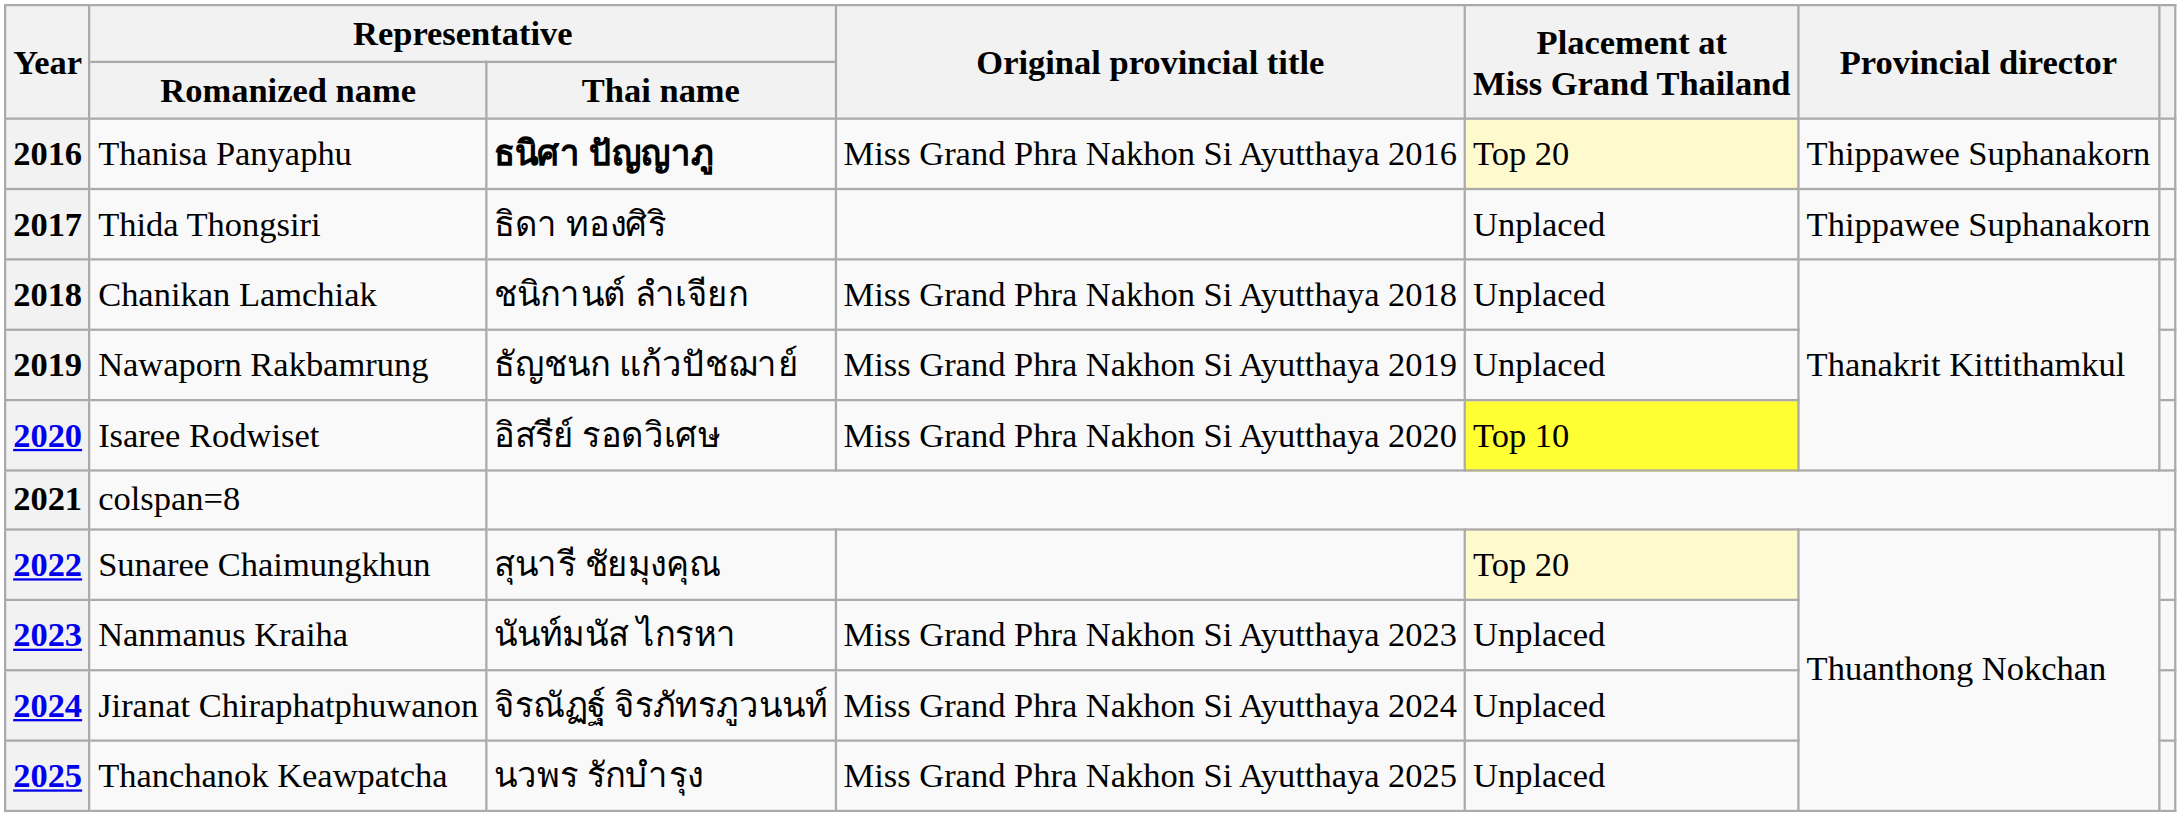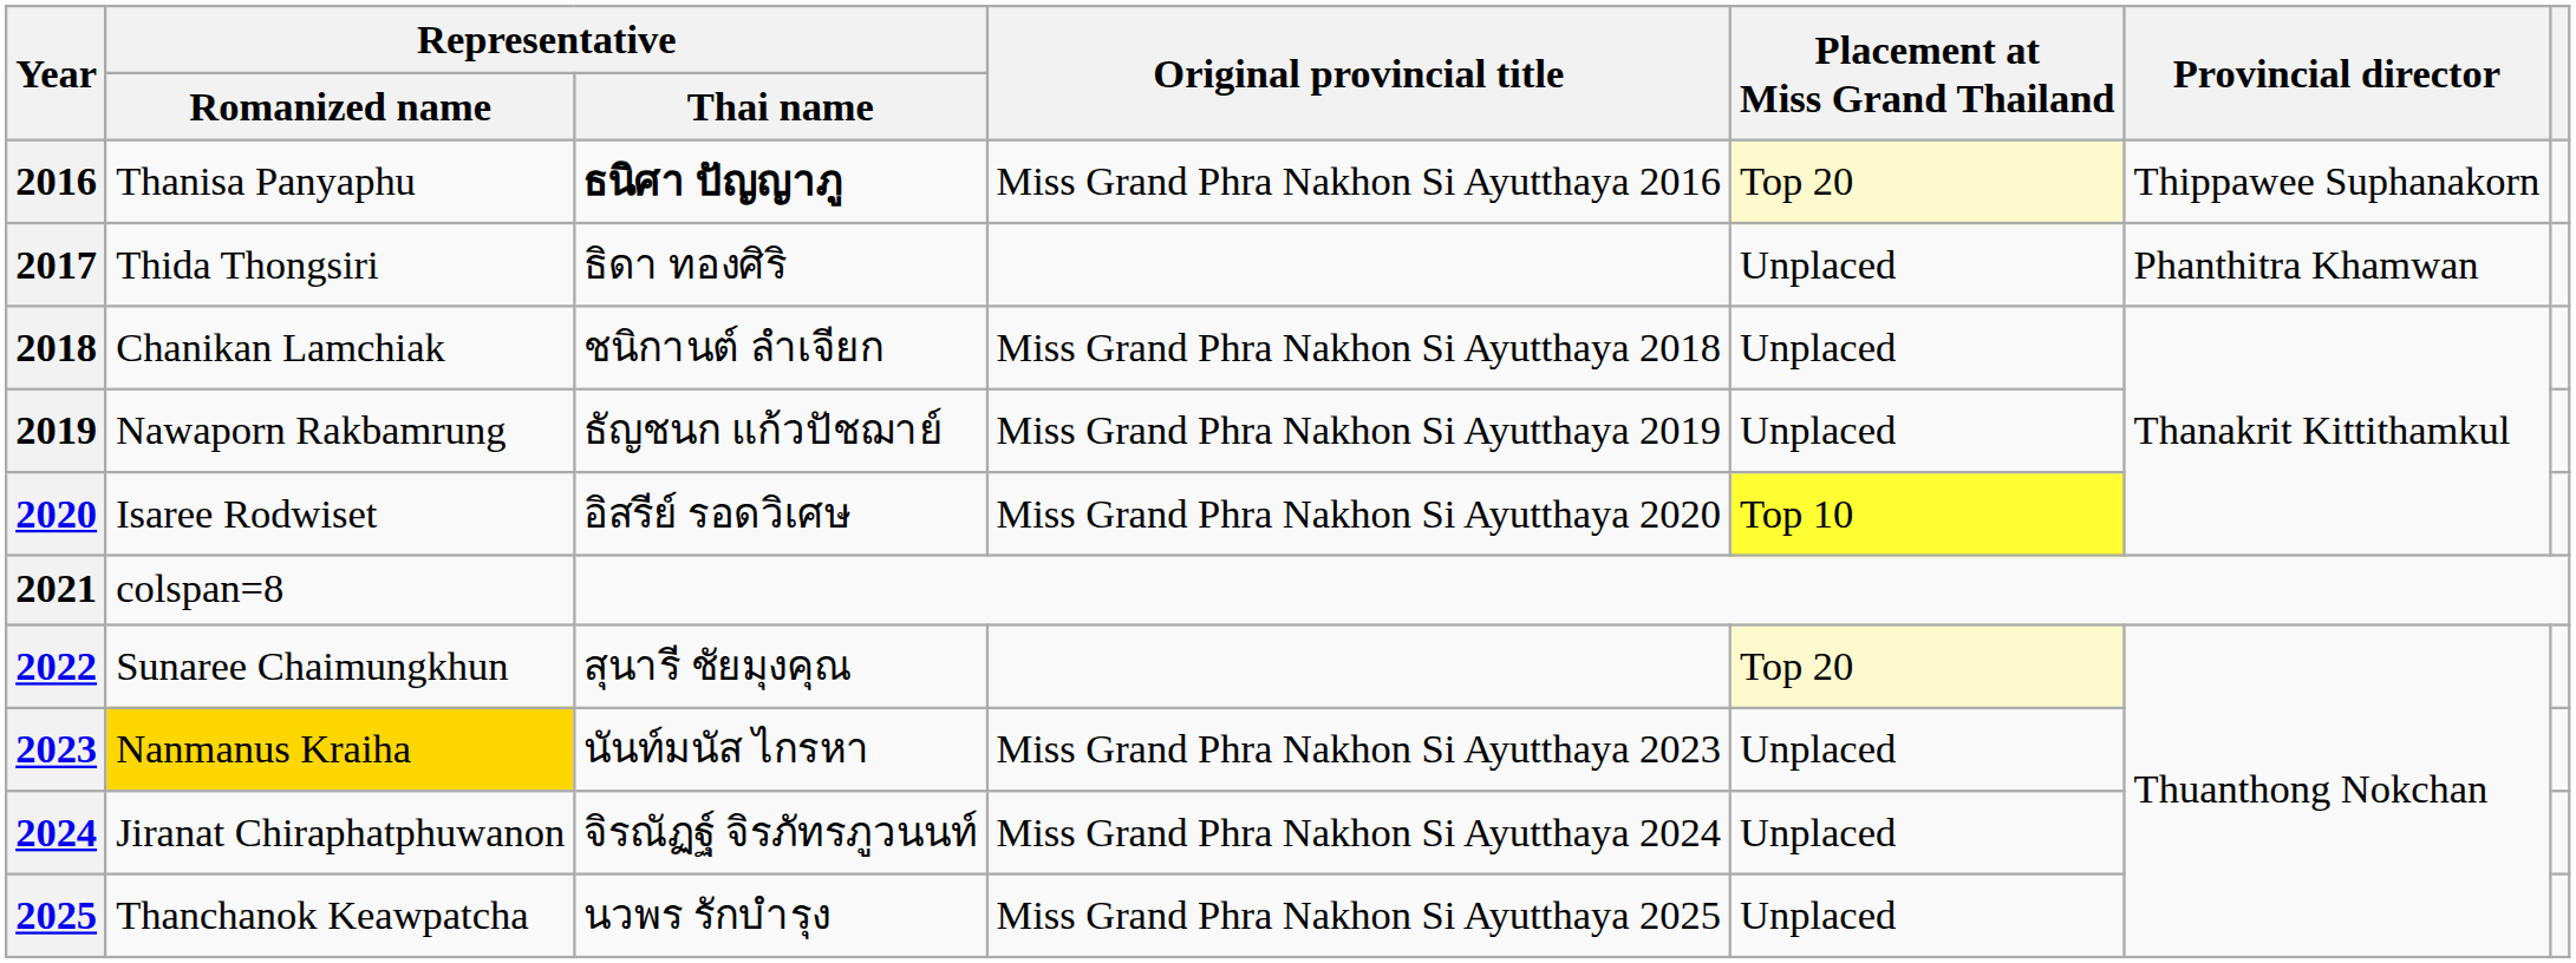 <table class="wikitable defaultcenter col2left col3left col6left" style="font-size:95%;">
 <tr>
 <th rowspan=2>Year</th>
 <th colspan=2>Representative</th>
 <th rowspan=2>Original provincial title</th>
 <th rowspan=2>Placement at<br>Miss Grand Thailand</th>
 <th rowspan=2>Provincial director</th>
 <th rowspan=2></th>
 </tr>
 <tr>
 <th>Romanized name</th>
 <th>Thai name</th>
 </tr>
 <tr>
 <th>2016</th>
 <td>Thanisa Panyaphu</td>
 <td><strong>ธนิศา ปัญญาภู</strong></td>
 <td>Miss Grand Phra Nakhon Si Ayutthaya 2016</td>
 <td bgcolor=#FFFACD>Top 20</td>
 <td>Thippawee Suphanakorn</td>
 <td></td>
 </tr>
 <tr>
 <th>2017</th>
 <td>Thida Thongsiri</td>
 <td>ธิดา ทองศิริ</td>
 <td></td>
 <td>Unplaced</td>
-<td>Thippawee Suphanakorn</td>
+<td>Phanthitra Khamwan</td>
 <td></td>
 </tr>
 <tr>
 <th>2018</th>
 <td>Chanikan Lamchiak</td>
 <td>ชนิกานต์ ลำเจียก</td>
 <td>Miss Grand Phra Nakhon Si Ayutthaya 2018</td>
 <td>Unplaced</td>
 <td rowspan=3>Thanakrit Kittithamkul<br></td>
 <td></td>
 </tr>
 <tr>
 <th>2019</th>
 <td>Nawaporn Rakbamrung</td>
 <td>ธัญชนก แก้วปัชฌาย์</td>
 <td>Miss Grand Phra Nakhon Si Ayutthaya 2019</td>
 <td>Unplaced</td>
 <td></td>
 </tr>
 <tr>
 <th><a href='#'>2020</a></th>
 <td>Isaree Rodwiset</td>
 <td>อิสรีย์ รอดวิเศษ</td>
 <td>Miss Grand Phra Nakhon Si Ayutthaya 2020</td>
 <td bgcolor=#FFFF33>Top 10</td>
 <td></td>
 </tr>
 <tr>
 <th>2021</th>
 <td>colspan=8 </td>
 </tr>
 <tr>
 <th><a href='#'>2022</a></th>
 <td>Sunaree Chaimungkhun</td>
 <td>สุนารี ชัยมุงคุณ</td>
 <td></td>
 <td bgcolor=#FFFACD>Top 20</td>
 <td rowspan=4>Thuanthong Nokchan</td>
 <td></td>
 </tr>
 <tr>
 <th><a href='#'>2023</a></th>
-<td>Nanmanus Kraiha</td>
+<td style="background: gold;">Nanmanus Kraiha</td>
 <td>นันท์มนัส ไกรหา</td>
 <td>Miss Grand Phra Nakhon Si Ayutthaya 2023</td>
 <td>Unplaced</td>
 <td></td>
 </tr>
 <tr>
 <th><a href='#'>2024</a></th>
 <td>Jiranat Chiraphatphuwanon</td>
 <td>จิรณัฏฐ์ จิรภัทรภูวนนท์</td>
 <td>Miss Grand Phra Nakhon Si Ayutthaya 2024</td>
 <td>Unplaced</td>
 <td></td>
 </tr>
 <tr>
 <th><a href='#'>2025</a></th>
 <td>Thanchanok Keawpatcha</td>
 <td>นวพร รักบำรุง</td>
 <td>Miss Grand Phra Nakhon Si Ayutthaya 2025</td>
 <td>Unplaced</td>
 </tr>
 </table>
